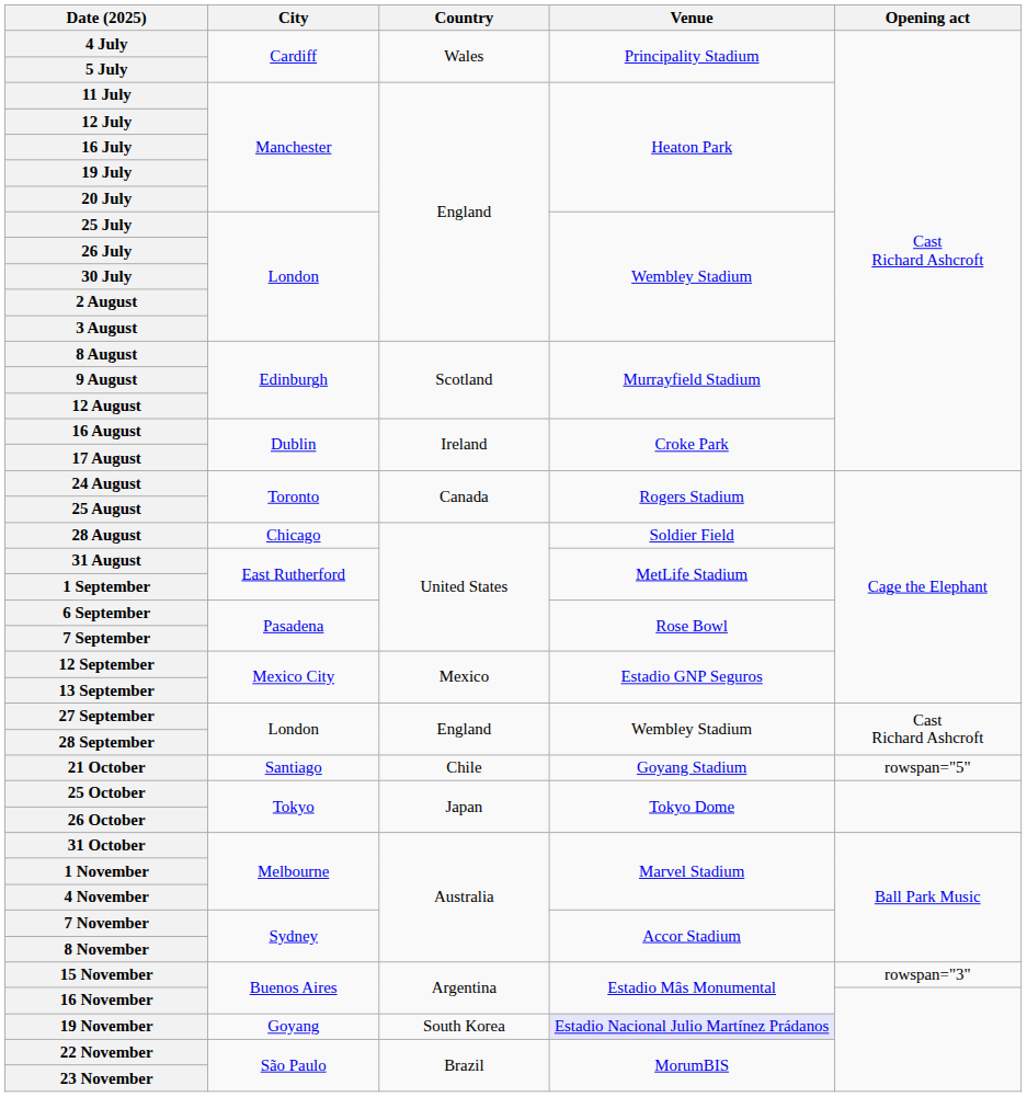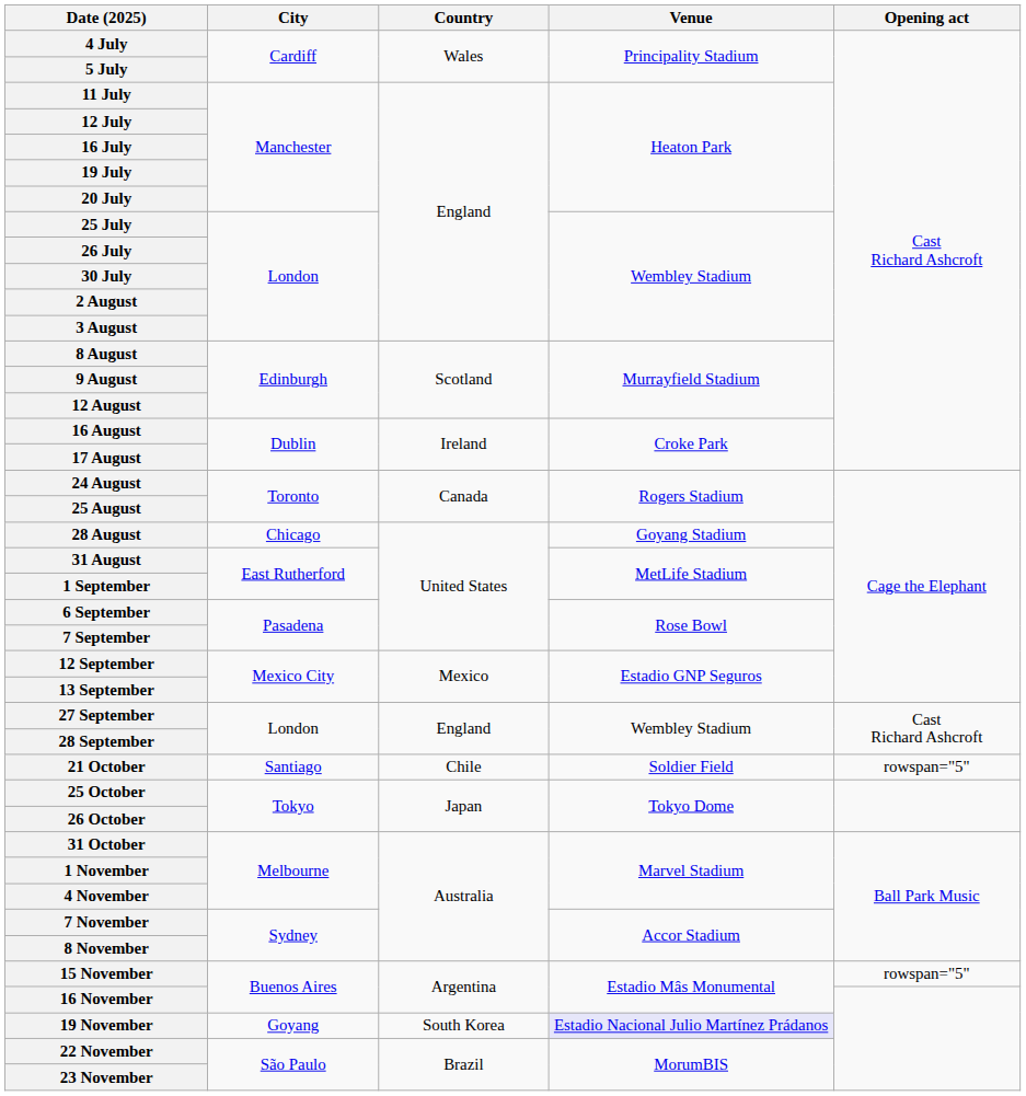 <table class="wikitable plainrowheaders" style="text-align:center;">
 <tr>
 <th scope="col" style="width:12em;">Date (2025)</th>
 <th scope="col" style="width:10em;">City</th>
 <th scope="col" style="width:10em;">Country</th>
 <th scope="col" style="width:17em;">Venue</th>
 <th scope="col" style="width:11em;">Opening act<br> </th>
 </tr>
 <tr>
 <th scope="row" style="text-align:center;">4 July</th>
 <td rowspan="2"><a href='#'>Cardiff</a></td>
 <td rowspan="2">Wales</td>
 <td rowspan="2"><a href='#'>Principality Stadium</a></td>
 <td rowspan="17"><a href='#'>Cast</a><br><a href='#'>Richard Ashcroft</a></td>
 </tr>
 <tr>
 <th scope="row" style="text-align:center;">5 July</th>
 </tr>
 <tr>
 <th scope="row" style="text-align:center;">11 July</th>
 <td rowspan="5"><a href='#'>Manchester</a></td>
 <td rowspan="10">England</td>
 <td rowspan="5"><a href='#'>Heaton Park</a></td>
 </tr>
 <tr>
 <th scope="row" style="text-align:center;">12 July</th>
 </tr>
 <tr>
 <th scope="row" style="text-align:center;">16 July</th>
 </tr>
 <tr>
 <th scope="row" style="text-align:center;">19 July</th>
 </tr>
 <tr>
 <th scope="row" style="text-align:center;">20 July</th>
 </tr>
 <tr>
 <th scope="row" style="text-align:center;">25 July</th>
 <td rowspan="5"><a href='#'>London</a></td>
 <td rowspan="5"><a href='#'>Wembley Stadium</a></td>
 </tr>
 <tr>
 <th scope="row" style="text-align:center;">26 July</th>
 </tr>
 <tr>
 <th scope="row" style="text-align:center;">30 July</th>
 </tr>
 <tr>
 <th scope="row" style="text-align:center;">2 August</th>
 </tr>
 <tr>
 <th scope="row" style="text-align:center;">3 August</th>
 </tr>
 <tr>
 <th scope="row" style="text-align:center;">8 August</th>
 <td rowspan="3"><a href='#'>Edinburgh</a></td>
 <td rowspan="3">Scotland</td>
 <td rowspan="3"><a href='#'>Murrayfield Stadium</a></td>
 </tr>
 <tr>
 <th scope="row" style="text-align:center;">9 August</th>
 </tr>
 <tr>
 <th scope="row" style="text-align:center;">12 August</th>
 </tr>
 <tr>
 <th scope="row" style="text-align:center;">16 August</th>
 <td rowspan="2"><a href='#'>Dublin</a></td>
 <td rowspan="2">Ireland</td>
 <td rowspan="2"><a href='#'>Croke Park</a></td>
 </tr>
 <tr>
 <th scope="row" style="text-align:center;">17 August</th>
 </tr>
 <tr>
 <th scope="row" style="text-align:center;">24 August</th>
 <td rowspan="2"><a href='#'>Toronto</a></td>
 <td rowspan="2">Canada</td>
 <td rowspan="2"><a href='#'>Rogers Stadium</a></td>
 <td rowspan="9"><a href='#'>Cage the Elephant</a></td>
 </tr>
 <tr>
 <th scope="row" style="text-align:center;">25 August</th>
 </tr>
 <tr>
 <th scope="row" style="text-align:center;">28 August</th>
 <td><a href='#'>Chicago</a></td>
 <td rowspan="5">United States</td>
-<td><a href='#'>Soldier Field</a></td>
+<td><a href='#'>Goyang Stadium</a></td>
 </tr>
 <tr>
 <th scope="row" style="text-align:center;">31 August</th>
 <td rowspan="2"><a href='#'>East Rutherford</a></td>
 <td rowspan="2"><a href='#'>MetLife Stadium</a></td>
 </tr>
 <tr>
 <th scope="row" style="text-align:center;">1 September</th>
 </tr>
 <tr>
 <th scope="row" style="text-align:center;">6 September</th>
 <td rowspan="2"><a href='#'>Pasadena</a></td>
 <td rowspan="2"><a href='#'>Rose Bowl</a></td>
 </tr>
 <tr>
 <th scope="row" style="text-align:center;">7 September</th>
 </tr>
 <tr>
 <th scope="row" style="text-align:center;">12 September</th>
 <td rowspan="2"><a href='#'>Mexico City</a></td>
 <td rowspan="2">Mexico</td>
 <td rowspan="2"><a href='#'>Estadio GNP Seguros</a></td>
 </tr>
 <tr>
 <th scope="row" style="text-align:center;">13 September</th>
 </tr>
 <tr>
 <th scope="row" style="text-align:center;">27 September</th>
 <td rowspan="2">London</td>
 <td rowspan="2">England</td>
 <td rowspan="2">Wembley Stadium</td>
 <td rowspan="2">Cast<br>Richard Ashcroft</td>
 </tr>
 <tr>
 <th scope="row" style="text-align:center;">28 September</th>
 </tr>
 <tr>
 <th scope="row" style="text-align:center;">21 October</th>
 <td><a href='#'>Santiago</a></td>
 <td>Chile</td>
-<td><a href='#'>Goyang Stadium</a></td>
+<td><a href='#'>Soldier Field</a></td>
 <td>rowspan="5" </td>
 </tr>
 <tr>
 <th scope="row" style="text-align:center;">25 October</th>
 <td rowspan="2"><a href='#'>Tokyo</a></td>
 <td rowspan="2">Japan</td>
 <td rowspan="2"><a href='#'>Tokyo Dome</a></td>
 </tr>
 <tr>
 <th scope="row" style="text-align:center;">26 October</th>
 </tr>
 <tr>
 <th scope="row" style="text-align:center;">31 October</th>
 <td rowspan="3"><a href='#'>Melbourne</a></td>
 <td rowspan="5">Australia</td>
 <td rowspan="3"><a href='#'>Marvel Stadium</a></td>
 <td rowspan="5"><a href='#'>Ball Park Music</a></td>
 </tr>
 <tr>
 <th scope="row" style="text-align:center;">1 November</th>
 </tr>
 <tr>
 <th scope="row" style="text-align:center;">4 November</th>
 </tr>
 <tr>
 <th scope="row" style="text-align:center;">7 November</th>
 <td rowspan="2"><a href='#'>Sydney</a></td>
 <td rowspan="2"><a href='#'>Accor Stadium</a></td>
 </tr>
 <tr>
 <th scope="row" style="text-align:center;">8 November</th>
 </tr>
 <tr>
 <th scope="row" style="text-align:center;">15 November</th>
 <td rowspan="2"><a href='#'>Buenos Aires</a></td>
 <td rowspan="2">Argentina</td>
 <td rowspan="2"><a href='#'>Estadio Mâs Monumental</a></td>
-<td>rowspan="3" </td>
+<td>rowspan="5" </td>
 </tr>
 <tr>
 <th scope="row" style="text-align:center;">16 November</th>
 </tr>
 <tr>
 <th scope="row" style="text-align:center;">19 November</th>
 <td><a href='#'>Goyang</a></td>
 <td>South Korea</td>
 <td style="background: lavender;"><a href='#'>Estadio Nacional Julio Martínez Prádanos</a></td>
 </tr>
 <tr>
 <th scope="row" style="text-align:center;">22 November</th>
 <td rowspan="2"><a href='#'>São Paulo</a></td>
 <td rowspan="2">Brazil</td>
 <td rowspan="2"><a href='#'>MorumBIS</a></td>
 </tr>
 <tr>
 <th scope="row" style="text-align:center;">23 November</th>
 </tr>
 </table>
